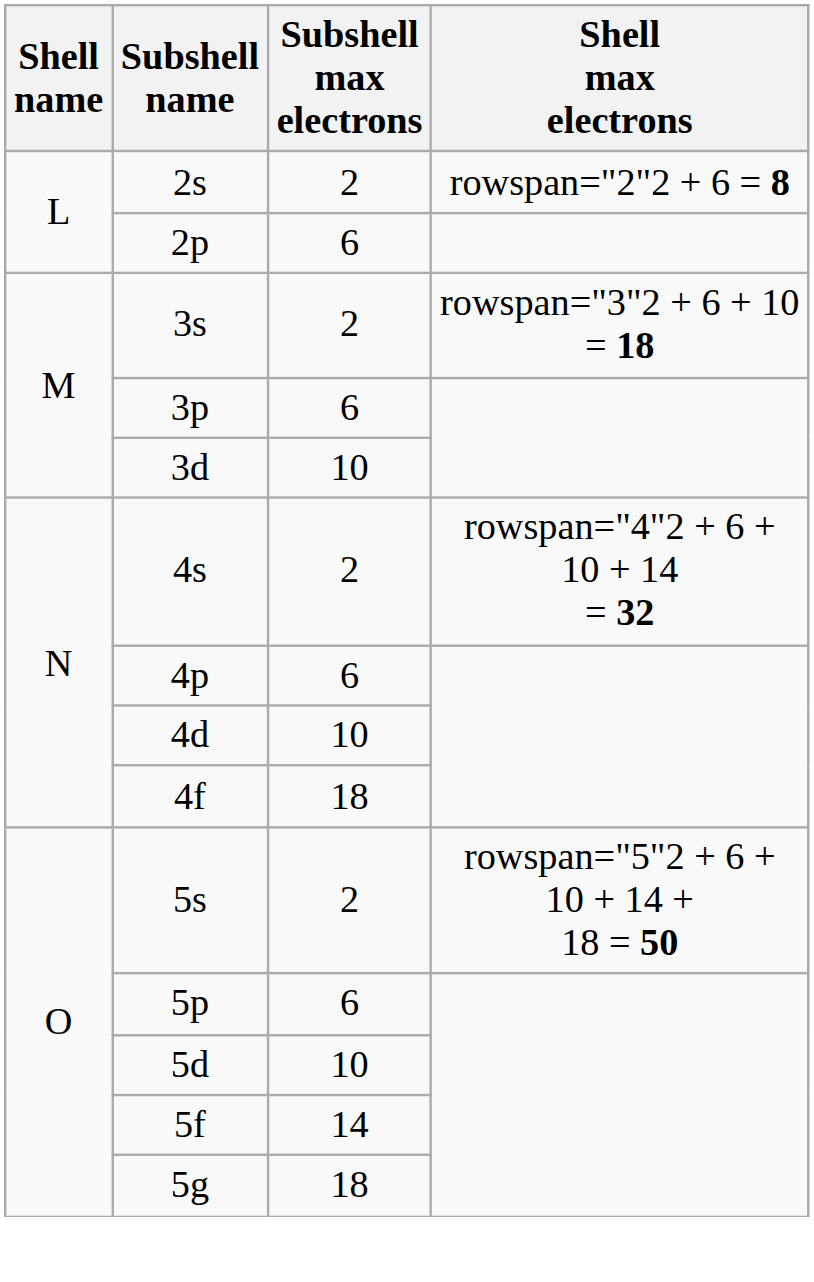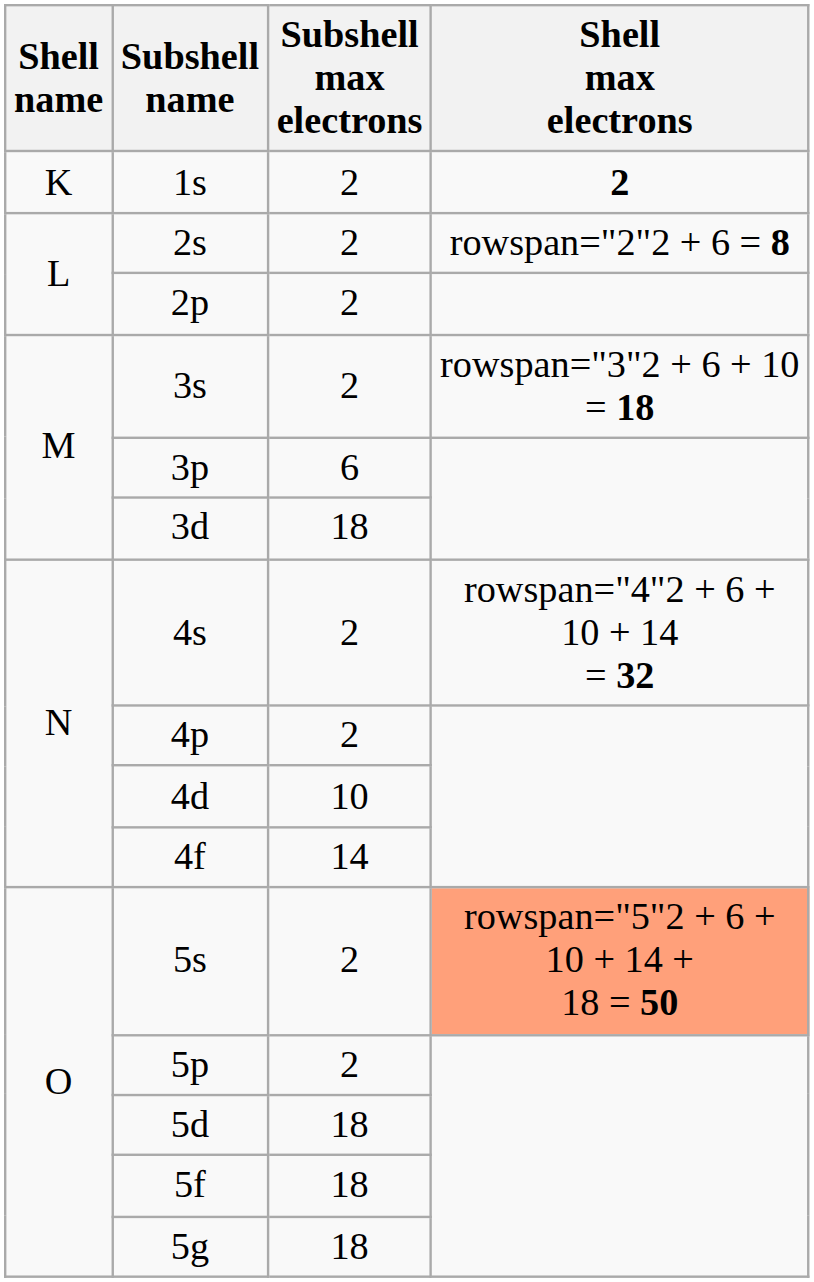 <table class="wikitable" style="text-align: center;">
 <tr>
 <th>Shell<br>name</th>
 <th>Subshell<br>name</th>
 <th>Subshell<br>max<br>electrons</th>
 <th>Shell<br>max<br>electrons</th>
+</tr>
+<tr>
+<td>K</td>
+<td>1s</td>
+<td>2</td>
+<td><strong>2</strong></td>
 </tr>
 <tr>
 <td rowspan="2">L</td>
 <td>2s</td>
 <td>2</td>
 <td>rowspan="2"2 + 6 = <strong>8</strong></td>
 </tr>
 <tr>
 <td>2p</td>
-<td>6</td>
+<td>2</td>
 </tr>
 <tr>
 <td rowspan="3">M</td>
 <td>3s</td>
 <td>2</td>
 <td>rowspan="3"2 + 6 + 10<br>= <strong>18</strong></td>
 </tr>
 <tr>
 <td>3p</td>
 <td>6</td>
 </tr>
 <tr>
 <td>3d</td>
-<td>10</td>
+<td>18</td>
 </tr>
 <tr>
 <td rowspan="4">N</td>
 <td>4s</td>
 <td>2</td>
 <td>rowspan="4"2 + 6 +<br> 10 + 14<br>= <strong>32</strong></td>
 </tr>
 <tr>
 <td>4p</td>
-<td>6</td>
+<td>2</td>
 </tr>
 <tr>
 <td>4d</td>
 <td>10</td>
 </tr>
 <tr>
 <td>4f</td>
-<td>18</td>
+<td>14</td>
 </tr>
 <tr>
 <td rowspan="5">O</td>
 <td>5s</td>
 <td>2</td>
-<td>rowspan="5"2 + 6 +<br> 10 + 14 +<br> 18 = <strong>50</strong></td>
+<td style="background: lightsalmon;">rowspan="5"2 + 6 +<br> 10 + 14 +<br> 18 = <strong>50</strong></td>
 </tr>
 <tr>
 <td>5p</td>
-<td>6</td>
+<td>2</td>
 </tr>
 <tr>
 <td>5d</td>
-<td>10</td>
+<td>18</td>
 </tr>
 <tr>
 <td>5f</td>
-<td>14</td>
+<td>18</td>
 </tr>
 <tr>
 <td>5g</td>
 <td>18</td>
 </tr>
 </table>
